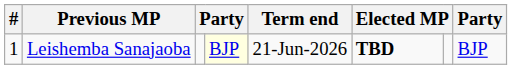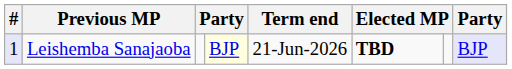 <table class="wikitable sortable">
 <tr>
 <th>#</th>
 <th>Previous MP</th>
 <th colspan="2">Party</th>
 <th>Term end</th>
 <th colspan="2">Elected MP</th>
 <th>Party</th>
 </tr>
 <tr>
-<td>1</td>
+<td style="background: lavender;">1</td>
 <td><a href='#'>Leishemba Sanajaoba</a></td>
 <td width="1px"></td>
 <td style="background: lightyellow;"><a href='#'>BJP</a></td>
 <td>21-Jun-2026</td>
 <td><strong>TBD</strong></td>
 <td width="1px"></td>
-<td><a href='#'>BJP</a></td>
+<td style="background: lavender;"><a href='#'>BJP</a></td>
 </tr>
 </table>
